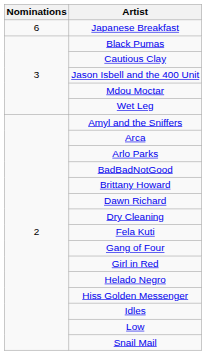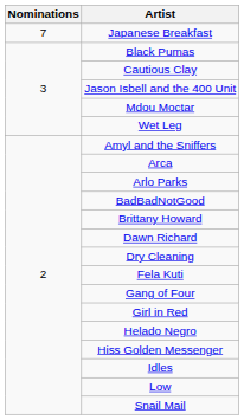 <table class="wikitable sortable" style="text-align: center">
 <tr>
 <th>Nominations</th>
 <th>Artist</th>
 </tr>
 <tr>
-<td>6</td>
+<td>7</td>
 <td><a href='#'>Japanese Breakfast</a></td>
 </tr>
 <tr>
 <td rowspan="5">3</td>
 <td><a href='#'>Black Pumas</a></td>
 </tr>
 <tr>
 <td><a href='#'>Cautious Clay</a></td>
 </tr>
 <tr>
 <td><a href='#'>Jason Isbell and the 400 Unit</a></td>
 </tr>
 <tr>
 <td><a href='#'>Mdou Moctar</a></td>
 </tr>
 <tr>
 <td><a href='#'>Wet Leg</a></td>
 </tr>
 <tr>
 <td rowspan="15">2</td>
 <td><a href='#'>Amyl and the Sniffers</a></td>
 </tr>
 <tr>
 <td><a href='#'>Arca</a></td>
 </tr>
 <tr>
 <td><a href='#'>Arlo Parks</a></td>
 </tr>
 <tr>
 <td><a href='#'>BadBadNotGood</a></td>
 </tr>
 <tr>
 <td><a href='#'>Brittany Howard</a></td>
 </tr>
 <tr>
 <td><a href='#'>Dawn Richard</a></td>
 </tr>
 <tr>
 <td><a href='#'>Dry Cleaning</a></td>
 </tr>
 <tr>
 <td><a href='#'>Fela Kuti</a></td>
 </tr>
 <tr>
 <td><a href='#'>Gang of Four</a></td>
 </tr>
 <tr>
 <td><a href='#'>Girl in Red</a></td>
 </tr>
 <tr>
 <td><a href='#'>Helado Negro</a></td>
 </tr>
 <tr>
 <td><a href='#'>Hiss Golden Messenger</a></td>
 </tr>
 <tr>
 <td><a href='#'>Idles</a></td>
 </tr>
 <tr>
 <td><a href='#'>Low</a></td>
 </tr>
 <tr>
 <td><a href='#'>Snail Mail</a></td>
 </tr>
 </table>
